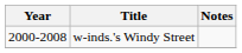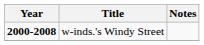 <table class="wikitable sortable">
 <tr>
 <th>Year</th>
 <th>Title</th>
 <th class="unsortable">Notes</th>
 </tr>
 <tr>
-<td>2000-2008</td>
+<td><strong>2000-2008</strong></td>
 <td>w-inds.'s Windy Street</td>
 <td></td>
 </tr>
 <tr>
 </tr>
 </table>
